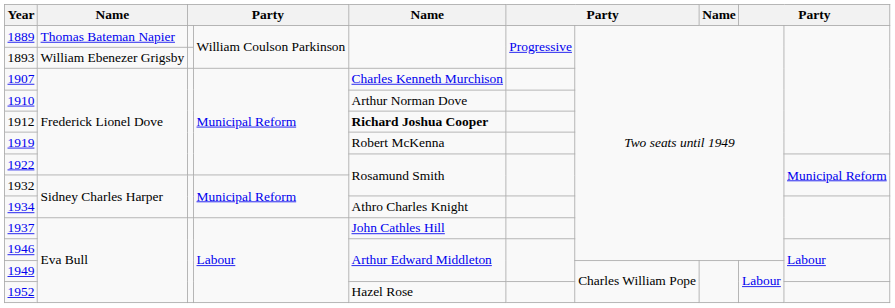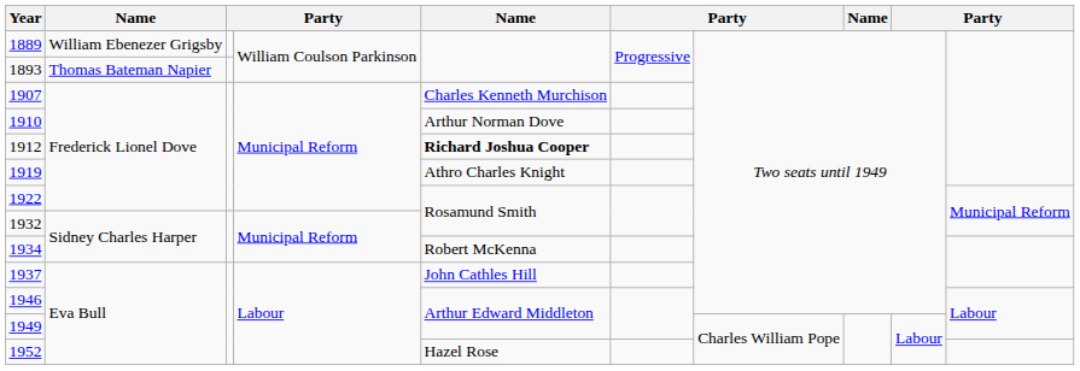 <table class="wikitable">
 <tr>
 <th>Year</th>
 <th>Name</th>
 <th colspan=2>Party</th>
 <th>Name</th>
 <th colspan=2>Party</th>
 <th>Name</th>
 <th colspan=2>Party</th>
 </tr>
 <tr>
 <td><a href='#'>1889</a></td>
-<td><a href='#'>Thomas Bateman Napier</a></td>
+<td>William Ebenezer Grigsby</td>
 <td></td>
 <td rowspan=2>William Coulson Parkinson</td>
 <td rowspan=2 style="background-color: "></td>
 <td rowspan=2><a href='#'>Progressive</a></td>
 <td rowspan=11 colspan=3 align="center"><em>Two seats until 1949</em></td>
 </tr>
 <tr>
 <td>1893</td>
-<td>William Ebenezer Grigsby</td>
+<td><a href='#'>Thomas Bateman Napier</a></td>
 <td></td>
 </tr>
 <tr>
 <td><a href='#'>1907</a></td>
 <td rowspan=5>Frederick Lionel Dove</td>
 <td rowspan=5 style="background-color: "></td>
 <td rowspan=5><a href='#'>Municipal Reform</a></td>
 <td><a href='#'>Charles Kenneth Murchison</a></td>
 <td></td>
 </tr>
 <tr>
 <td><a href='#'>1910</a></td>
 <td>Arthur Norman Dove</td>
 <td></td>
 </tr>
 <tr>
 <td>1912</td>
 <td><strong>Richard Joshua Cooper</strong></td>
 <td></td>
 </tr>
 <tr>
 <td><a href='#'>1919</a></td>
-<td>Robert McKenna</td>
+<td>Athro Charles Knight</td>
 <td></td>
 </tr>
 <tr>
 <td><a href='#'>1922</a></td>
 <td rowspan=2>Rosamund Smith</td>
 <td rowspan=2 style="background-color: "></td>
 <td rowspan=2><a href='#'>Municipal Reform</a></td>
 </tr>
 <tr>
 <td>1932</td>
 <td rowspan=2>Sidney Charles Harper</td>
 <td rowspan=2 style="background-color: "></td>
 <td rowspan=2><a href='#'>Municipal Reform</a></td>
 </tr>
 <tr>
 <td><a href='#'>1934</a></td>
-<td>Athro Charles Knight</td>
+<td>Robert McKenna</td>
 <td></td>
 </tr>
 <tr>
 <td><a href='#'>1937</a></td>
 <td rowspan=4>Eva Bull</td>
 <td rowspan=4 style="background-color: "></td>
 <td rowspan=4><a href='#'>Labour</a></td>
 <td><a href='#'>John Cathles Hill</a></td>
 <td></td>
 </tr>
 <tr>
 <td><a href='#'>1946</a></td>
 <td rowspan=2><a href='#'>Arthur Edward Middleton</a></td>
 <td rowspan=2 style="background-color: "></td>
 <td rowspan=2><a href='#'>Labour</a></td>
 </tr>
 <tr>
 <td><a href='#'>1949</a></td>
 <td rowspan=2>Charles William Pope</td>
 <td rowspan=2 style="background-color: "></td>
 <td rowspan=2><a href='#'>Labour</a></td>
 </tr>
 <tr>
 <td><a href='#'>1952</a></td>
 <td>Hazel Rose</td>
 <td></td>
 </tr>
 </table>
